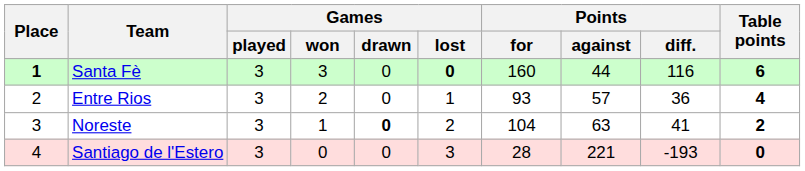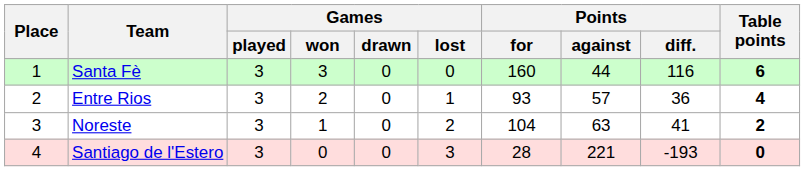 <table class="wikitable">
 <tr>
 <th rowspan=2 width="8%">Place</th>
 <th rowspan=2 width="20%">Team</th>
 <th colspan=4 width="32%">Games</th>
 <th colspan=3 width="30%">Points</th>
 <th rowspan=2 width="10%">Table<br>points</th>
 </tr>
 <tr>
 <th width="8%">played</th>
 <th width="8%">won</th>
 <th width="8%">drawn</th>
 <th width="8%">lost</th>
 <th width="10%">for</th>
 <th width="10%">against</th>
 <th width="10%">diff.</th>
 </tr>
 <tr align=center style="background: #ccffcc;">
-<td><strong>1</strong></td>
+<td>1</td>
 <td align=left><a href='#'>Santa Fè</a></td>
 <td>3</td>
 <td>3</td>
 <td>0</td>
-<td><strong>0</strong></td>
+<td>0</td>
 <td>160</td>
 <td>44</td>
 <td>116</td>
 <td><strong>6</strong></td>
 </tr>
 <tr align=center style="background: #ffffff;">
 <td>2</td>
 <td align=left><a href='#'>Entre Rios</a></td>
 <td>3</td>
 <td>2</td>
 <td>0</td>
 <td>1</td>
 <td>93</td>
 <td>57</td>
 <td>36</td>
 <td><strong>4</strong></td>
 </tr>
 <tr align=center style="background: #ffffff;">
 <td>3</td>
 <td align=left><a href='#'>Noreste</a></td>
 <td>3</td>
 <td>1</td>
-<td><strong>0</strong></td>
+<td>0</td>
 <td>2</td>
 <td>104</td>
 <td>63</td>
 <td>41</td>
 <td><strong>2</strong></td>
 </tr>
 <tr align=center style="background: #ffdddd;">
 <td>4</td>
 <td align=left><a href='#'>Santiago de l'Estero</a></td>
 <td>3</td>
 <td>0</td>
 <td>0</td>
 <td>3</td>
 <td>28</td>
 <td>221</td>
 <td>-193</td>
 <td><strong>0</strong></td>
 </tr>
 </table>
